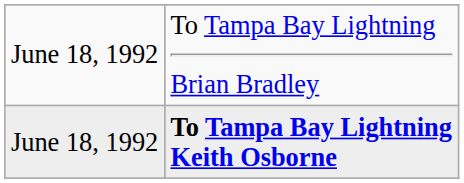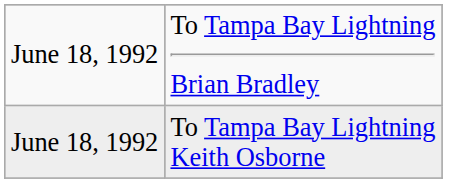 <table class="wikitable">
 <tr>
 <td>June 18, 1992</td>
 <td valign="top">To <a href='#'>Tampa Bay Lightning</a><hr><a href='#'>Brian Bradley</a></td>
 </tr>
 <tr style="background:#eee;">
 <td>June 18, 1992</td>
-<td valign="top"><strong>To <a href='#'>Tampa Bay Lightning</a> <br><a href='#'>Keith Osborne</a></strong></td>
+<td valign="top">To <a href='#'>Tampa Bay Lightning</a> <br><a href='#'>Keith Osborne</a></td>
 </tr>
 </table>
